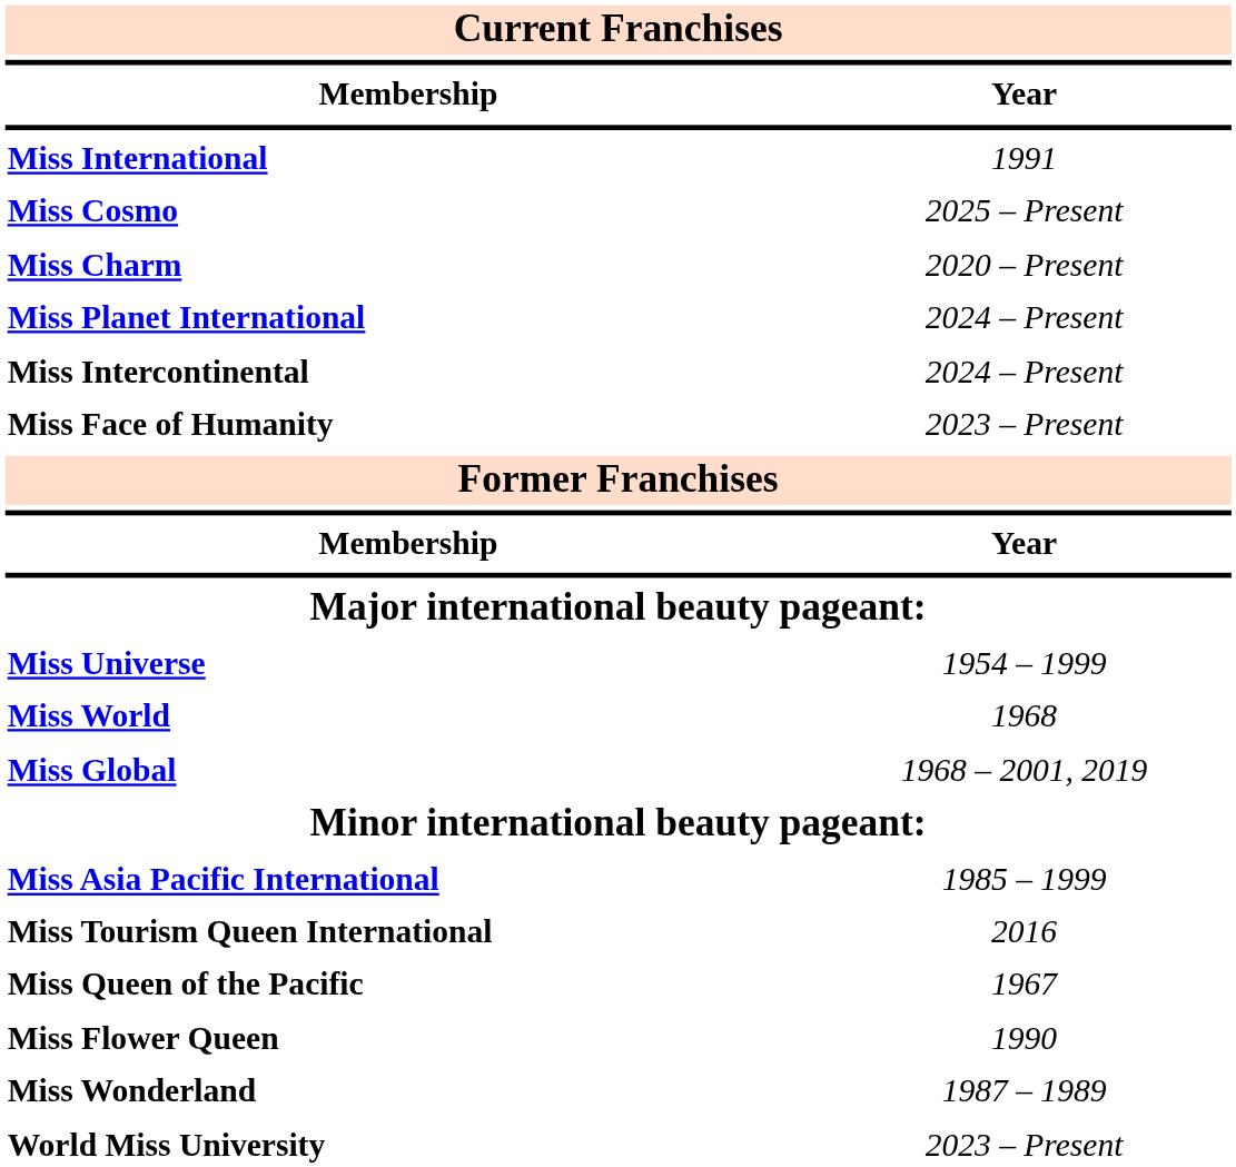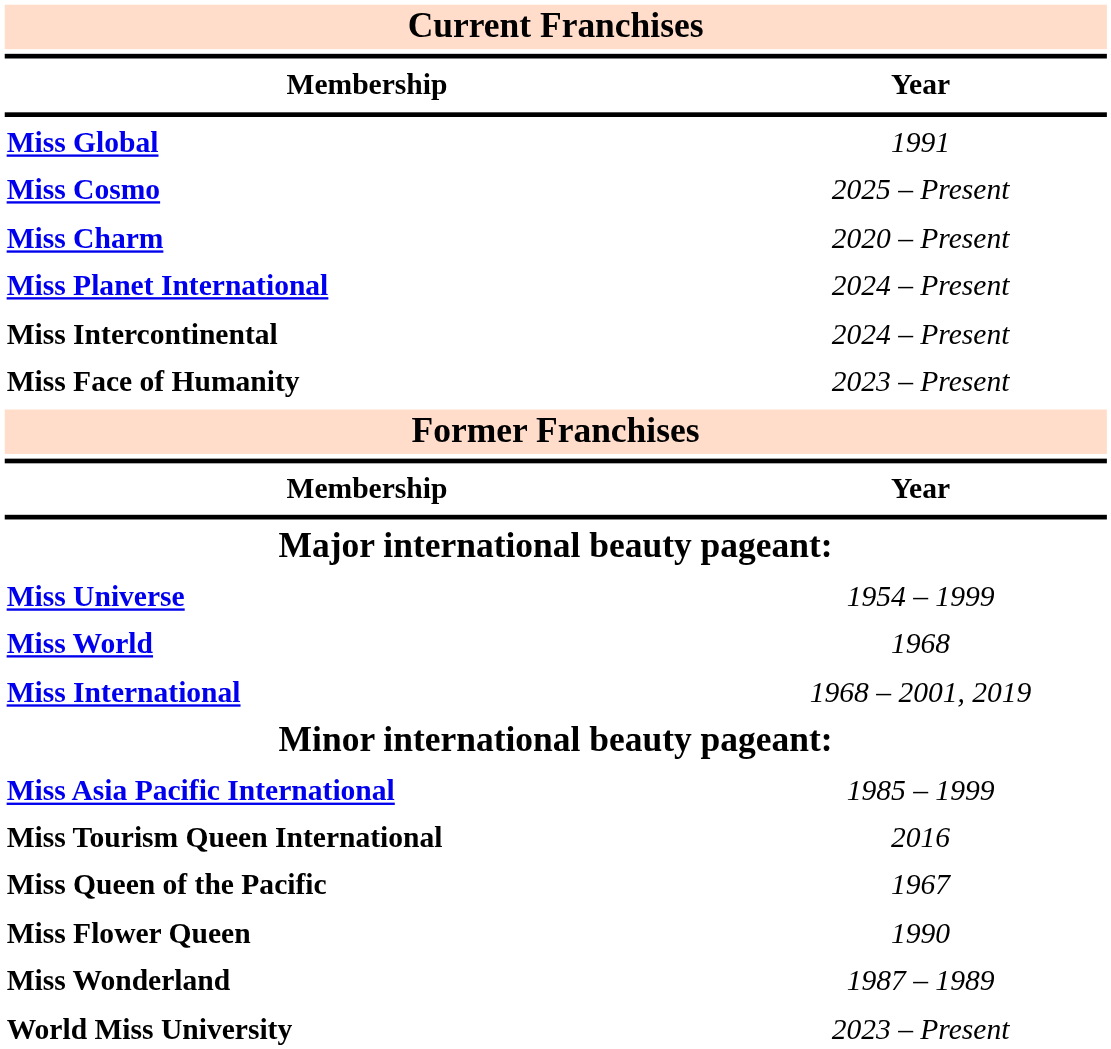 <table class="toccolours" style="width: 12em; float:right; margin-left:1em; font-size:79%; line-height:1.3em; width:30%; text-align:center;">
 <tr>
 <th colspan="2" align="center" style="background:#FFDDCA;"><big>Current Franchises</big></th>
 </tr>
 <tr>
 <td colspan="2" style="background:black"></td>
 </tr>
 <tr>
 <th scope="col">Membership</th>
 <th scope="col">Year</th>
 </tr>
 <tr>
 <td colspan="2" style="background:black"></td>
 </tr>
 <tr>
-<td align="left"><strong><a href='#'>Miss International</a></strong></td>
+<td align="left"><strong><a href='#'>Miss Global</a></strong></td>
 <td align="center"><em>1991</em></td>
 </tr>
 <tr>
 <td align="left"><strong><a href='#'>Miss Cosmo</a></strong></td>
 <td align="center"><em>2025 – Present</em></td>
 </tr>
 <tr>
 <td align="left"><strong><a href='#'>Miss Charm</a></strong></td>
 <td align="center"><em>2020 – Present</em></td>
 </tr>
 <tr>
 <td align="left"><strong><a href='#'>Miss Planet International</a></strong></td>
 <td align="center"><em>2024 – Present</em></td>
 </tr>
 <tr>
 <td align="left"><strong>Miss Intercontinental</strong></td>
 <td align="center"><em>2024 – Present</em></td>
 </tr>
 <tr>
 <td align="left"><strong>Miss Face of Humanity</strong></td>
 <td align="center"><em>2023 – Present</em></td>
 </tr>
 <tr>
 <th colspan="2" align="center" style="background:#FFDDCA;"><big>Former Franchises</big></th>
 </tr>
 <tr>
 <td colspan="2" style="background:black"></td>
 </tr>
 <tr>
 <th scope="col">Membership</th>
 <th scope="col">Year</th>
 </tr>
 <tr>
 <td colspan="2" style="background:black"></td>
 </tr>
 <tr>
 <th colspan="2" align="center"><big>Major international beauty pageant:</big></th>
 </tr>
 <tr>
 <td align="left"><strong><a href='#'>Miss Universe</a></strong></td>
 <td align="center"><em>1954 – 1999</em></td>
 </tr>
 <tr>
 <td align="left"><strong><a href='#'>Miss World</a></strong></td>
 <td align="center"><em>1968</em></td>
 </tr>
 <tr>
-<td align="left"><strong><a href='#'>Miss Global</a></strong></td>
+<td align="left"><strong><a href='#'>Miss International</a></strong></td>
 <td align="center"><em>1968 – 2001, 2019</em></td>
 </tr>
 <tr>
 <th colspan="2" align="center"><big>Minor international beauty pageant:</big></th>
 </tr>
 <tr>
 <td align="left"><strong><a href='#'>Miss Asia Pacific International</a></strong></td>
 <td align="center"><em>1985 – 1999</em></td>
 </tr>
 <tr>
 <td align="left"><strong>Miss Tourism Queen International</strong></td>
 <td align="center"><em>2016</em></td>
 </tr>
 <tr>
 <td align="left"><strong>Miss Queen of the Pacific</strong></td>
 <td align="center"><em>1967</em></td>
 </tr>
 <tr>
 <td align="left"><strong>Miss Flower Queen</strong></td>
 <td align="center"><em>1990</em></td>
 </tr>
 <tr>
 <td align="left"><strong>Miss Wonderland</strong></td>
 <td align="center"><em>1987 – 1989</em></td>
 </tr>
 <tr>
 <td align="left"><strong>World Miss University</strong></td>
 <td align="center"><em>2023 – Present</em></td>
 </tr>
 </table>
